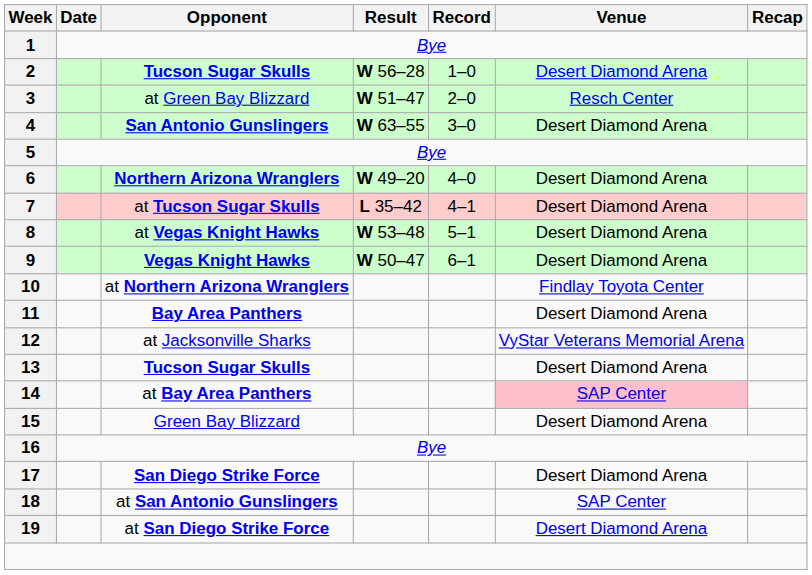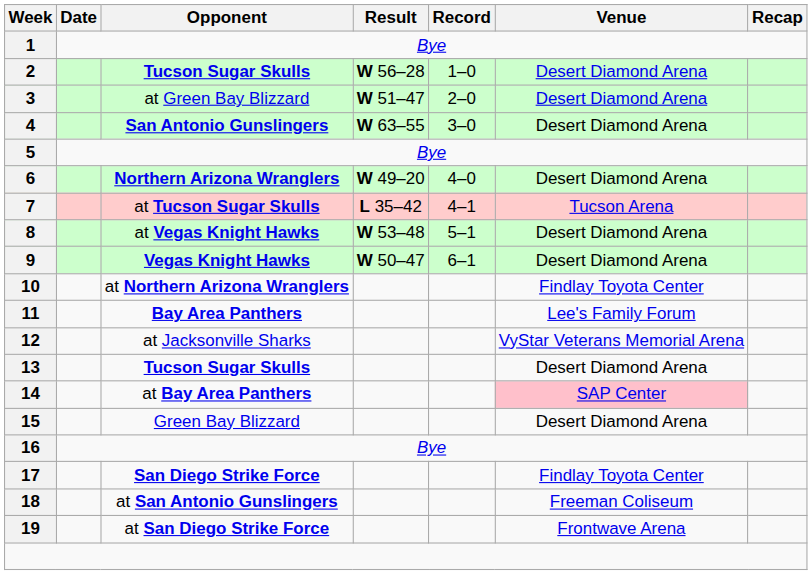 <table class="wikitable" style="text-align:center">
 <tr>
 <th>Week</th>
 <th>Date</th>
 <th>Opponent</th>
 <th>Result</th>
 <th>Record</th>
 <th>Venue</th>
 <th>Recap</th>
 </tr>
 <tr>
 <th>1</th>
 <td colspan="6"><em><a href='#'>Bye</a></em></td>
 </tr>
 <tr style="background:#cfc;">
 <th>2</th>
 <td></td>
 <td><strong><a href='#'>Tucson Sugar Skulls</a></strong></td>
 <td><strong>W</strong> 56–28</td>
 <td>1–0</td>
 <td><a href='#'>Desert Diamond Arena</a></td>
 <td></td>
 </tr>
 <tr style="background:#cfc;">
 <th>3</th>
 <td></td>
 <td>at <a href='#'>Green Bay Blizzard</a></td>
 <td><strong>W</strong> 51–47</td>
 <td>2–0</td>
-<td><a href='#'>Resch Center</a></td>
+<td><a href='#'>Desert Diamond Arena</a></td>
 <td></td>
 </tr>
 <tr style="background:#cfc;">
 <th>4</th>
 <td></td>
 <td><strong><a href='#'>San Antonio Gunslingers</a></strong></td>
 <td><strong>W</strong> 63–55</td>
 <td>3–0</td>
 <td>Desert Diamond Arena</td>
 <td></td>
 </tr>
 <tr>
 <th>5</th>
 <td colspan="6"><em><a href='#'>Bye</a></em></td>
 </tr>
 <tr style="background:#cfc;">
 <th>6</th>
 <td></td>
 <td><strong><a href='#'>Northern Arizona Wranglers</a></strong></td>
 <td><strong>W</strong> 49–20</td>
 <td>4–0</td>
 <td>Desert Diamond Arena</td>
 <td></td>
 </tr>
 <tr style="background:#fcc;">
 <th>7</th>
 <td></td>
 <td>at <strong><a href='#'>Tucson Sugar Skulls</a></strong></td>
 <td><strong>L</strong> 35–42</td>
 <td>4–1</td>
-<td>Desert Diamond Arena</td>
+<td><a href='#'>Tucson Arena</a></td>
 <td></td>
 </tr>
 <tr style="background:#cfc;">
 <th>8</th>
 <td></td>
 <td>at <strong><a href='#'>Vegas Knight Hawks</a></strong></td>
 <td><strong>W</strong> 53–48</td>
 <td>5–1</td>
 <td>Desert Diamond Arena</td>
 <td></td>
 </tr>
 <tr style="background:#cfc;">
 <th>9</th>
 <td></td>
 <td><strong><a href='#'>Vegas Knight Hawks</a></strong></td>
 <td><strong>W</strong> 50–47</td>
 <td>6–1</td>
 <td>Desert Diamond Arena</td>
 <td></td>
 </tr>
 <tr>
 <th>10</th>
 <td></td>
 <td>at <strong><a href='#'>Northern Arizona Wranglers</a></strong></td>
 <td></td>
 <td></td>
 <td><a href='#'>Findlay Toyota Center</a></td>
 <td></td>
 </tr>
 <tr>
 <th>11</th>
 <td></td>
 <td><strong><a href='#'>Bay Area Panthers</a></strong></td>
 <td></td>
 <td></td>
-<td>Desert Diamond Arena</td>
+<td><a href='#'>Lee's Family Forum</a></td>
 <td></td>
 </tr>
 <tr>
 <th>12</th>
 <td></td>
 <td>at <a href='#'>Jacksonville Sharks</a></td>
 <td></td>
 <td></td>
 <td><a href='#'>VyStar Veterans Memorial Arena</a></td>
 <td></td>
 </tr>
 <tr>
 <th>13</th>
 <td></td>
 <td><strong><a href='#'>Tucson Sugar Skulls</a></strong></td>
 <td></td>
 <td></td>
 <td>Desert Diamond Arena</td>
 <td></td>
 </tr>
 <tr>
 <th>14</th>
 <td></td>
 <td>at <strong><a href='#'>Bay Area Panthers</a></strong></td>
 <td></td>
 <td></td>
 <td style="background: pink;"><a href='#'>SAP Center</a></td>
 <td></td>
 </tr>
 <tr>
 <th>15</th>
 <td></td>
 <td><a href='#'>Green Bay Blizzard</a></td>
 <td></td>
 <td></td>
 <td>Desert Diamond Arena</td>
 <td></td>
 </tr>
 <tr>
 <th>16</th>
 <td colspan="6"><em><a href='#'>Bye</a></em></td>
 </tr>
 <tr>
 <th>17</th>
 <td></td>
 <td><strong><a href='#'>San Diego Strike Force</a></strong></td>
 <td></td>
 <td></td>
-<td>Desert Diamond Arena</td>
+<td><a href='#'>Findlay Toyota Center</a></td>
 <td></td>
 </tr>
 <tr>
 <th>18</th>
 <td></td>
 <td>at <strong><a href='#'>San Antonio Gunslingers</a></strong></td>
 <td></td>
 <td></td>
-<td><a href='#'>SAP Center</a></td>
+<td><a href='#'>Freeman Coliseum</a></td>
 <td></td>
 </tr>
 <tr>
 <th>19</th>
 <td></td>
 <td>at <strong><a href='#'>San Diego Strike Force</a></strong></td>
 <td></td>
 <td></td>
-<td><a href='#'>Desert Diamond Arena</a></td>
+<td><a href='#'>Frontwave Arena</a></td>
 <td></td>
 </tr>
 <tr>
 <td colspan="7"><br></td>
 </tr>
 </table>
